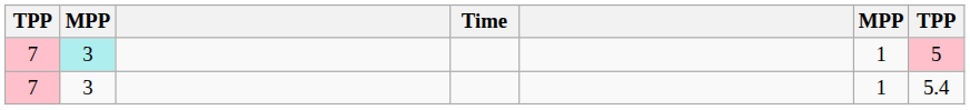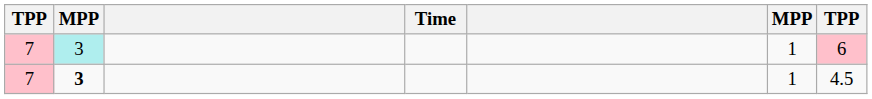 <table class="wikitable" style="text-align: center;" |>
 <tr>
 <th width="35">TPP</th>
 <th width="35">MPP</th>
 <th width="250"></th>
 <th width="45">Time</th>
 <th width="250"></th>
 <th width="35">MPP</th>
 <th width="35">TPP</th>
 </tr>
 <tr>
 <td bgcolor=pink>7</td>
 <td style="background: paleturquoise;">3</td>
 <td style="text-align:left;"></td>
 <td></td>
 <td style="text-align:left;"><strong></strong></td>
 <td>1</td>
-<td bgcolor=pink>5</td>
+<td bgcolor=pink>6</td>
 </tr>
 <tr>
 <td bgcolor=pink>7</td>
-<td>3</td>
+<td><strong>3</strong></td>
 <td style="text-align:left;"></td>
 <td></td>
 <td style="text-align:left;"><strong></strong></td>
 <td>1</td>
-<td>5.4</td>
+<td>4.5</td>
 </tr>
 </table>
